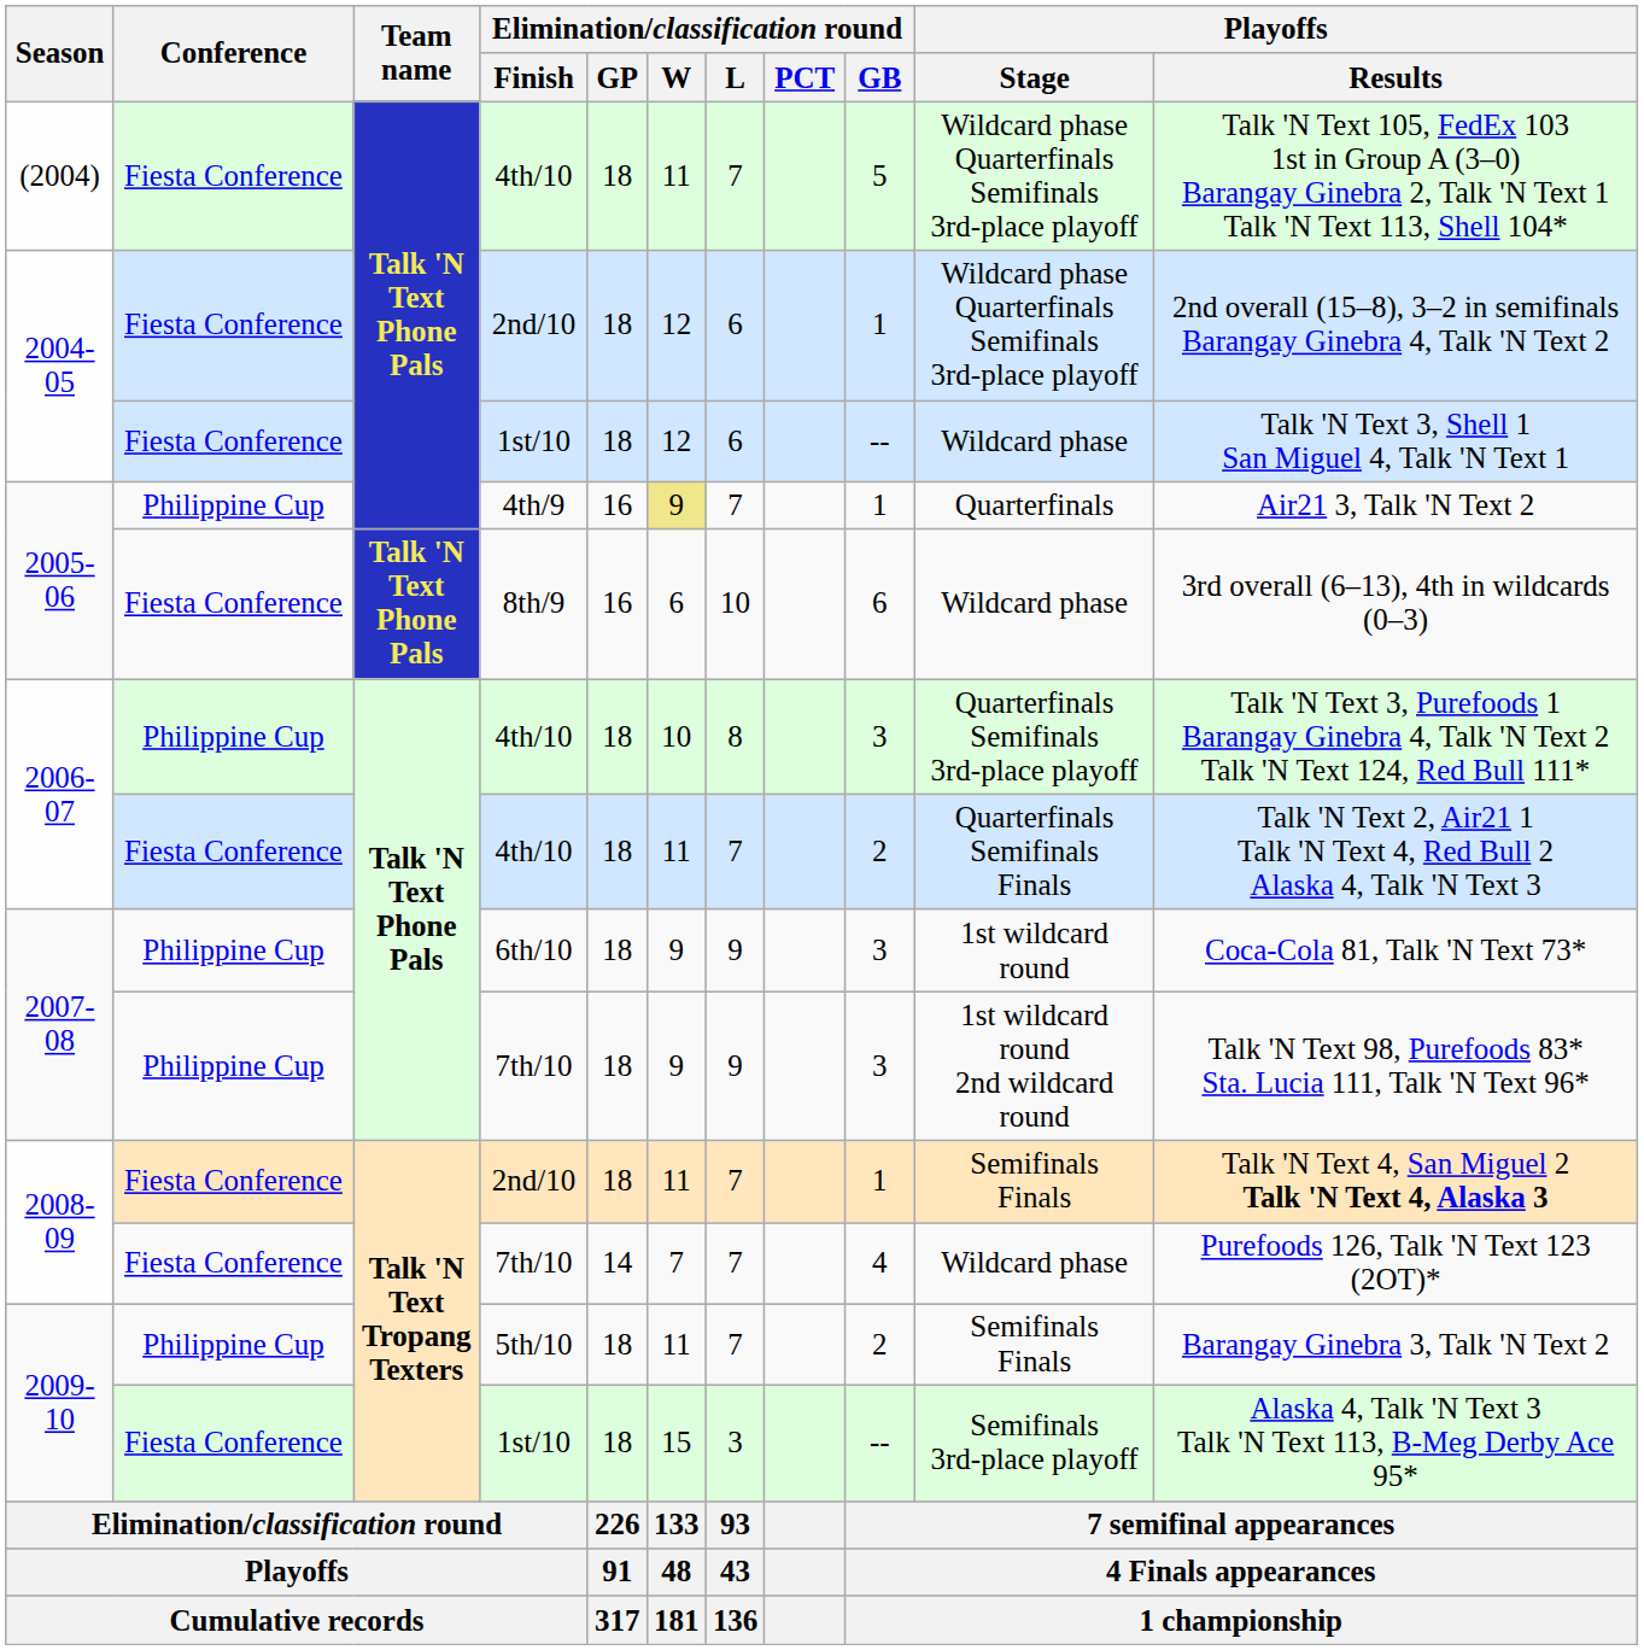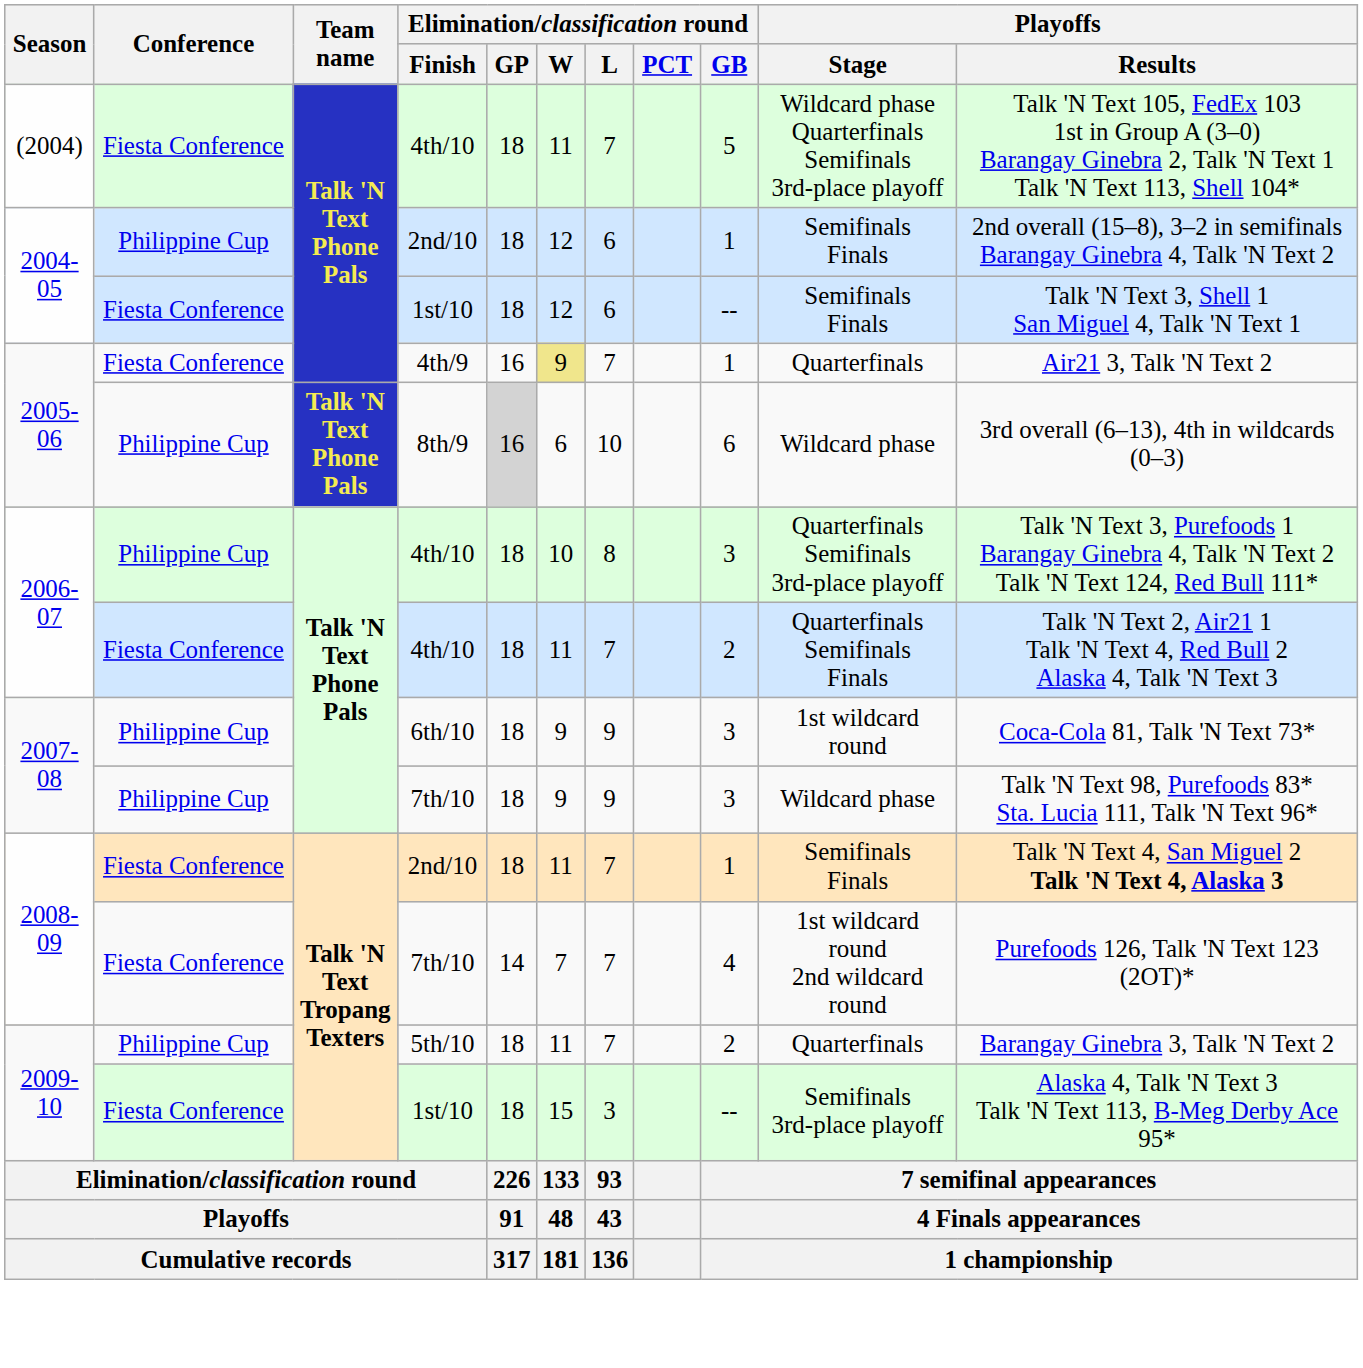 <table class=wikitable style="text-align:center;">
 <tr>
 <th width=50px rowspan=2>Season</th>
 <th width=120px rowspan=2>Conference</th>
 <th width=60px rowspan=2>Team name</th>
 <th colspan=6>Elimination/<em>classification</em> round</th>
 <th colspan=2>Playoffs</th>
 </tr>
 <tr>
 <th width=50px>Finish</th>
 <th width=20px>GP</th>
 <th width=20px>W</th>
 <th width=20px>L</th>
 <th width=35px><a href='#'>PCT</a></th>
 <th width=30px><a href='#'>GB</a></th>
 <th width=120px>Stage</th>
 <th width=250px>Results</th>
 </tr>
 <tr bgcolor=#DDFFDD>
 <td bgcolor=#fefefe>(2004)</td>
 <td><a href='#'>Fiesta Conference</a></td>
 <td bgcolor=#fefefe rowspan=4 style="background:#2631C2; color:#F4EB51; "><span><strong>Talk 'N Text Phone Pals</strong></span></td>
 <td>4th/10</td>
 <td>18</td>
 <td>11</td>
 <td>7</td>
 <td></td>
 <td>5</td>
 <td>Wildcard phase<br>Quarterfinals<br>Semifinals<br>3rd-place playoff</td>
 <td>Talk 'N Text 105, <a href='#'>FedEx</a> 103<br>1st in Group A (3–0)<br><a href='#'>Barangay Ginebra</a> 2, Talk 'N Text 1<br>Talk 'N Text 113, <a href='#'>Shell</a> 104*</td>
 </tr>
 <tr bgcolor=#D0E7FF>
 <td bgcolor=#fefefe rowspan=2><a href='#'>2004-05</a></td>
-<td><a href='#'>Fiesta Conference</a></td>
+<td><a href='#'>Philippine Cup</a></td>
 <td>2nd/10</td>
 <td>18</td>
 <td>12</td>
 <td>6</td>
 <td></td>
 <td>1</td>
-<td>Wildcard phase<br>Quarterfinals<br>Semifinals<br>3rd-place playoff</td>
+<td>Semifinals<br>Finals</td>
 <td>2nd overall (15–8), 3–2 in semifinals <br><a href='#'>Barangay Ginebra</a> 4, Talk 'N Text 2</td>
 </tr>
 <tr bgcolor=#D0E7FF>
 <td><a href='#'>Fiesta Conference</a></td>
 <td>1st/10</td>
 <td>18</td>
 <td>12</td>
 <td>6</td>
 <td></td>
 <td>--</td>
-<td>Wildcard phase</td>
+<td>Semifinals<br>Finals</td>
 <td>Talk 'N Text 3, <a href='#'>Shell</a> 1<br><a href='#'>San Miguel</a> 4, Talk 'N Text 1</td>
 </tr>
 <tr>
 <td rowspan=2><a href='#'>2005-06</a></td>
-<td><a href='#'>Philippine Cup</a></td>
+<td><a href='#'>Fiesta Conference</a></td>
 <td>4th/9</td>
 <td>16</td>
 <td style="background: khaki;">9</td>
 <td>7</td>
 <td></td>
 <td>1</td>
 <td>Quarterfinals</td>
 <td><a href='#'>Air21</a> 3, Talk 'N Text 2</td>
 </tr>
 <tr>
-<td><a href='#'>Fiesta Conference</a></td>
+<td><a href='#'>Philippine Cup</a></td>
 <td style="background:#2631C2; color:#F4EB51; "><span><strong>Talk 'N Text Phone Pals</strong></span></td>
 <td>8th/9</td>
-<td>16</td>
+<td style="background: lightgrey;">16</td>
 <td>6</td>
 <td>10</td>
 <td></td>
 <td>6</td>
 <td>Wildcard phase</td>
 <td>3rd overall (6–13), 4th in wildcards (0–3)</td>
 </tr>
 <tr bgcolor=#DDFFDD>
 <td bgcolor=#fefefe rowspan=2><a href='#'>2006-07</a></td>
 <td><a href='#'>Philippine Cup</a></td>
 <td rowspan=4><strong>Talk 'N Text Phone Pals</strong></td>
 <td>4th/10</td>
 <td>18</td>
 <td>10</td>
 <td>8</td>
 <td></td>
 <td>3</td>
 <td>Quarterfinals<br>Semifinals<br>3rd-place playoff</td>
 <td>Talk 'N Text 3, <a href='#'>Purefoods</a> 1<br><a href='#'>Barangay Ginebra</a> 4, Talk 'N Text 2<br>Talk 'N Text 124, <a href='#'>Red Bull</a> 111*</td>
 </tr>
 <tr bgcolor=#D0E7FF>
 <td><a href='#'>Fiesta Conference</a></td>
 <td>4th/10</td>
 <td>18</td>
 <td>11</td>
 <td>7</td>
 <td></td>
 <td>2</td>
 <td>Quarterfinals<br>Semifinals<br>Finals</td>
 <td>Talk 'N Text 2, <a href='#'>Air21</a> 1<br>Talk 'N Text 4, <a href='#'>Red Bull</a> 2<br><a href='#'>Alaska</a> 4, Talk 'N Text 3</td>
 </tr>
 <tr>
 <td rowspan=2><a href='#'>2007-08</a></td>
 <td><a href='#'>Philippine Cup</a></td>
 <td>6th/10</td>
 <td>18</td>
 <td>9</td>
 <td>9</td>
 <td></td>
 <td>3</td>
 <td>1st wildcard round</td>
 <td><a href='#'>Coca-Cola</a> 81, Talk 'N Text 73*</td>
 </tr>
 <tr>
 <td><a href='#'>Philippine Cup</a></td>
 <td>7th/10</td>
 <td>18</td>
 <td>9</td>
 <td>9</td>
 <td></td>
 <td>3</td>
-<td>1st wildcard round<br>2nd wildcard round</td>
+<td>Wildcard phase</td>
 <td>Talk 'N Text 98, <a href='#'>Purefoods</a> 83*<br><a href='#'>Sta. Lucia</a> 111, Talk 'N Text 96*</td>
 </tr>
 <tr bgcolor=#FFE6BD>
 <td bgcolor=#fefefe rowspan=2><a href='#'>2008-09</a></td>
 <td><a href='#'>Fiesta Conference</a></td>
 <td rowspan=4><strong>Talk 'N Text Tropang Texters</strong></td>
 <td>2nd/10</td>
 <td>18</td>
 <td>11</td>
 <td>7</td>
 <td></td>
 <td>1</td>
 <td>Semifinals<br>Finals</td>
 <td>Talk 'N Text 4, <a href='#'>San Miguel</a> 2 <br> <strong>Talk 'N Text 4, <a href='#'>Alaska</a> 3</strong></td>
 </tr>
 <tr>
 <td><a href='#'>Fiesta Conference</a></td>
 <td>7th/10</td>
 <td>14</td>
 <td>7</td>
 <td>7</td>
 <td></td>
 <td>4</td>
-<td>Wildcard phase</td>
+<td>1st wildcard round<br>2nd wildcard round</td>
 <td><a href='#'>Purefoods</a> 126, Talk 'N Text 123 (2OT)*</td>
 </tr>
 <tr>
 <td rowspan=2><a href='#'>2009-10</a></td>
 <td><a href='#'>Philippine Cup</a></td>
 <td>5th/10</td>
 <td>18</td>
 <td>11</td>
 <td>7</td>
 <td></td>
 <td>2</td>
-<td>Semifinals<br>Finals</td>
+<td>Quarterfinals</td>
 <td><a href='#'>Barangay Ginebra</a> 3, Talk 'N Text 2</td>
 </tr>
 <tr bgcolor=#DDFFDD>
 <td><a href='#'>Fiesta Conference</a></td>
 <td>1st/10</td>
 <td>18</td>
 <td>15</td>
 <td>3</td>
 <td></td>
 <td>--</td>
 <td>Semifinals<br>3rd-place playoff</td>
 <td><a href='#'>Alaska</a> 4, Talk 'N Text 3<br>Talk 'N Text 113, <a href='#'>B-Meg Derby Ace</a> 95*</td>
 </tr>
 <tr>
 <th colspan=4>Elimination/<em>classification</em> round</th>
 <th>226</th>
 <th>133</th>
 <th>93</th>
 <th></th>
 <th colspan=3>7 semifinal appearances</th>
 </tr>
 <tr>
 <th colspan=4>Playoffs</th>
 <th>91</th>
 <th>48</th>
 <th>43</th>
 <th></th>
 <th colspan=3>4 Finals appearances</th>
 </tr>
 <tr>
 <th colspan=4>Cumulative records</th>
 <th>317</th>
 <th>181</th>
 <th>136</th>
 <th></th>
 <th colspan=3>1 championship</th>
 </tr>
 </table>
